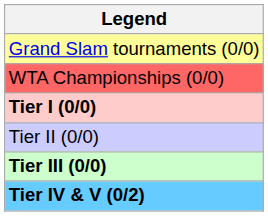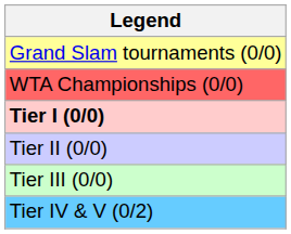 <table class="wikitable sortable mw-collapsible mw-collapsed">
 <tr>
 <th>Legend</th>
 </tr>
 <tr>
 <td bgcolor="#FFFF99"><a href='#'>Grand Slam</a> tournaments (0/0)</td>
 </tr>
 <tr>
 <td bgcolor="#FF6666">WTA Championships (0/0)</td>
 </tr>
 <tr>
 <td bgcolor="#ffcccc"><strong>Tier I (0/0)</strong></td>
 </tr>
 <tr>
 <td bgcolor="#ccccff">Tier II (0/0)</td>
 </tr>
 <tr>
-<td bgcolor="#CCFFCC"><strong>Tier III (0/0)</strong></td>
+<td bgcolor="#CCFFCC">Tier III (0/0)</td>
 </tr>
 <tr>
-<td bgcolor="#66CCFF"><strong>Tier IV & V (0/2)</strong></td>
+<td bgcolor="#66CCFF">Tier IV & V (0/2)</td>
 </tr>
 </table>
